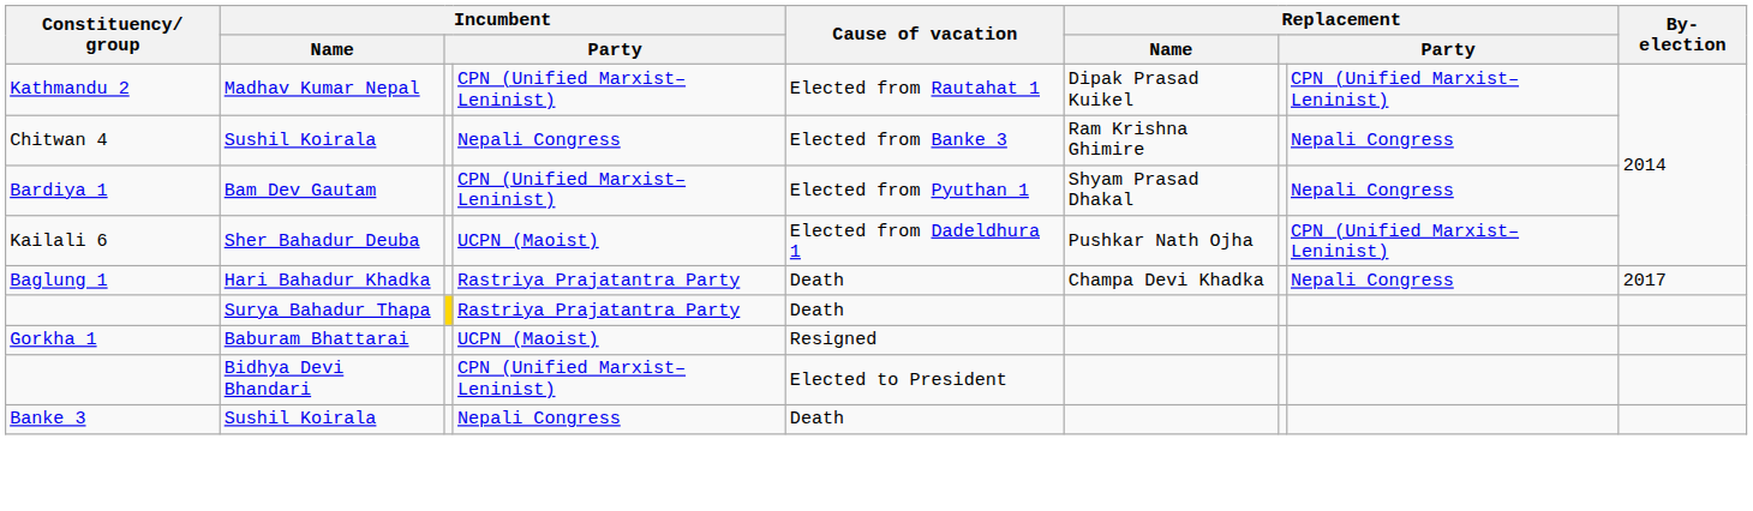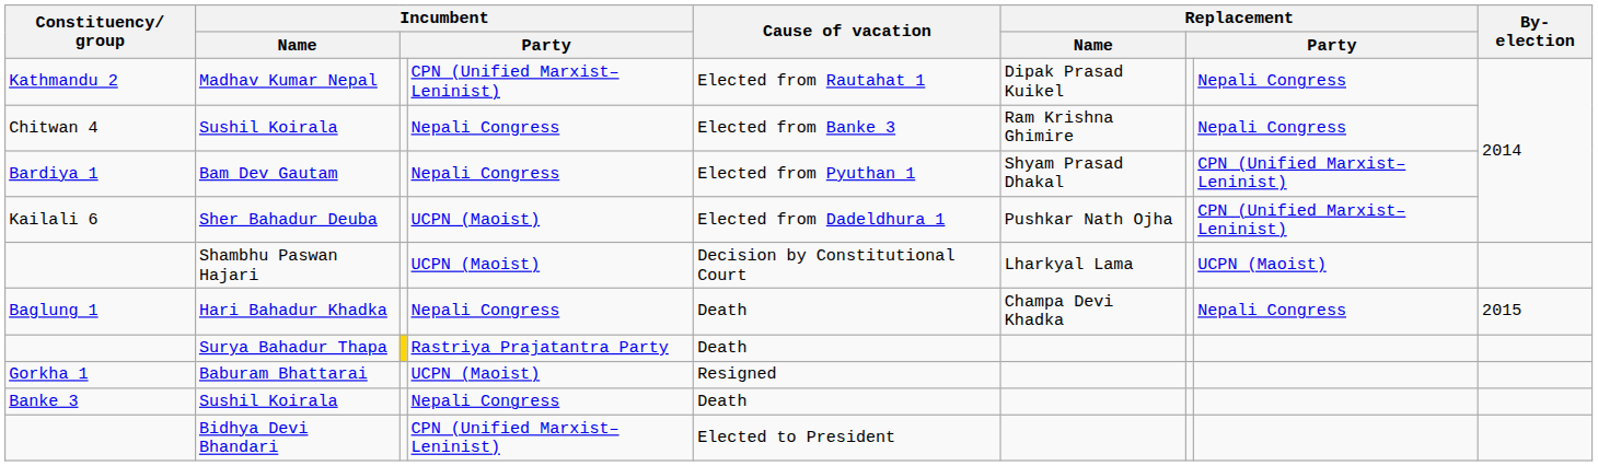 <table class="wikitable">
 <tr>
 <th rowspan="2">Constituency/ group</th>
 <th colspan="3">Incumbent</th>
 <th rowspan="2">Cause of vacation</th>
 <th colspan="3">Replacement</th>
 <th rowspan="2">By-election</th>
 </tr>
 <tr>
 <th>Name</th>
 <th colspan="2">Party</th>
 <th>Name</th>
 <th colspan="2">Party</th>
 </tr>
 <tr>
 <td><a href='#'>Kathmandu 2</a></td>
 <td><a href='#'>Madhav Kumar Nepal</a></td>
 <td></td>
 <td><a href='#'>CPN (Unified Marxist–Leninist)</a></td>
 <td>Elected from <a href='#'>Rautahat 1</a></td>
 <td>Dipak Prasad Kuikel</td>
 <td></td>
-<td><a href='#'>CPN (Unified Marxist–Leninist)</a></td>
+<td><a href='#'>Nepali Congress</a></td>
 <td rowspan="4">2014</td>
 </tr>
 <tr>
 <td>Chitwan 4</td>
 <td><a href='#'>Sushil Koirala</a></td>
 <td></td>
 <td><a href='#'>Nepali Congress</a></td>
 <td>Elected from <a href='#'>Banke 3</a></td>
 <td>Ram Krishna Ghimire</td>
 <td></td>
 <td><a href='#'>Nepali Congress</a></td>
 </tr>
 <tr>
 <td><a href='#'>Bardiya 1</a></td>
 <td><a href='#'>Bam Dev Gautam</a></td>
 <td></td>
-<td><a href='#'>CPN (Unified Marxist–Leninist)</a></td>
+<td><a href='#'>Nepali Congress</a></td>
 <td>Elected from <a href='#'>Pyuthan 1</a></td>
 <td>Shyam Prasad Dhakal</td>
 <td></td>
-<td><a href='#'>Nepali Congress</a></td>
+<td><a href='#'>CPN (Unified Marxist–Leninist)</a></td>
 </tr>
 <tr>
 <td>Kailali 6</td>
 <td><a href='#'>Sher Bahadur Deuba</a></td>
 <td></td>
 <td><a href='#'>UCPN (Maoist)</a></td>
 <td>Elected from <a href='#'>Dadeldhura 1</a></td>
 <td>Pushkar Nath Ojha</td>
 <td></td>
 <td><a href='#'>CPN (Unified Marxist–Leninist)</a></td>
 </tr>
 <tr>
+<td></td>
+<td>Shambhu Paswan Hajari</td>
+<td></td>
+<td><a href='#'>UCPN (Maoist)</a></td>
+<td>Decision by Constitutional Court</td>
+<td>Lharkyal Lama</td>
+<td></td>
+<td><a href='#'>UCPN (Maoist)</a></td>
+<td></td>
+</tr>
+<tr>
 <td><a href='#'>Baglung 1</a></td>
 <td><a href='#'>Hari Bahadur Khadka</a></td>
 <td></td>
-<td><a href='#'>Rastriya Prajatantra Party</a></td>
+<td><a href='#'>Nepali Congress</a></td>
 <td>Death</td>
 <td>Champa Devi Khadka</td>
 <td></td>
 <td><a href='#'>Nepali Congress</a></td>
-<td>2017</td>
+<td>2015</td>
 </tr>
 <tr>
 <td></td>
 <td><a href='#'>Surya Bahadur Thapa</a></td>
 <td bgcolor="gold"></td>
 <td><a href='#'>Rastriya Prajatantra Party</a></td>
 <td>Death</td>
 <td></td>
 <td></td>
 <td></td>
 <td></td>
 </tr>
 <tr>
 <td><a href='#'>Gorkha 1</a></td>
 <td><a href='#'>Baburam Bhattarai</a></td>
 <td></td>
 <td><a href='#'>UCPN (Maoist)</a></td>
 <td>Resigned</td>
 <td></td>
 <td></td>
 <td></td>
 <td></td>
 </tr>
 <tr>
+<td><a href='#'>Banke 3</a></td>
+<td><a href='#'>Sushil Koirala</a></td>
+<td></td>
+<td><a href='#'>Nepali Congress</a></td>
+<td>Death</td>
+<td></td>
+<td></td>
+<td></td>
+<td></td>
+</tr>
+<tr>
 <td></td>
 <td><a href='#'>Bidhya Devi Bhandari</a></td>
 <td></td>
 <td><a href='#'>CPN (Unified Marxist–Leninist)</a></td>
 <td>Elected to President</td>
 <td></td>
 <td></td>
 <td></td>
 <td></td>
 </tr>
-<tr>
-<td><a href='#'>Banke 3</a></td>
-<td><a href='#'>Sushil Koirala</a></td>
-<td></td>
-<td><a href='#'>Nepali Congress</a></td>
-<td>Death</td>
-<td></td>
-<td></td>
-<td></td>
-<td></td>
-</tr>
 </table>
